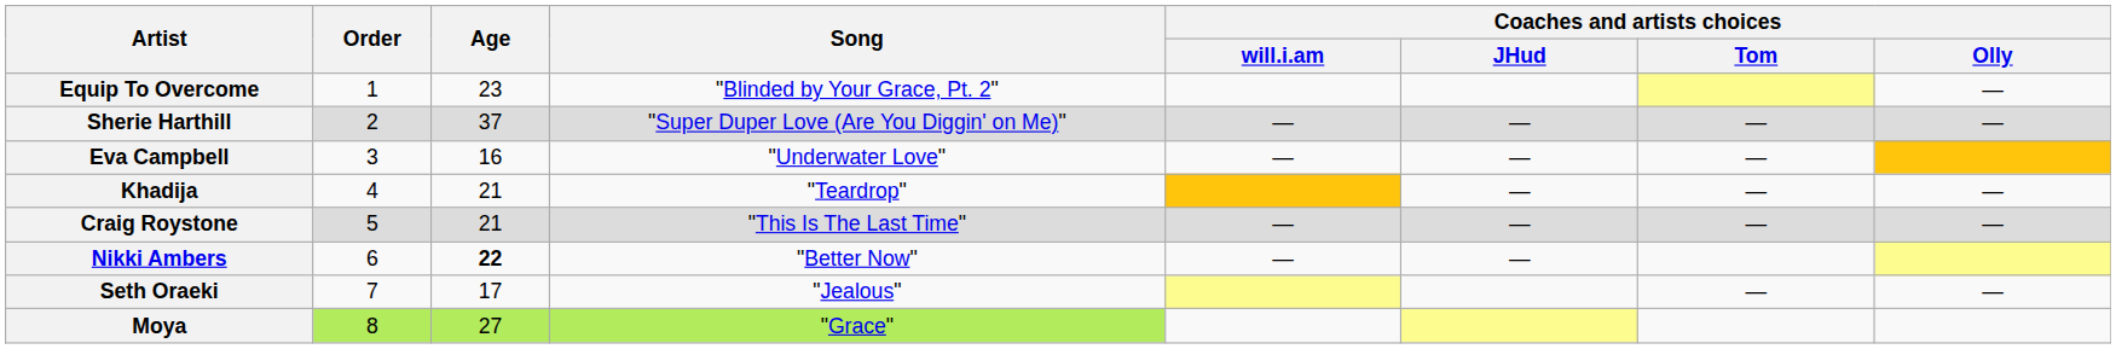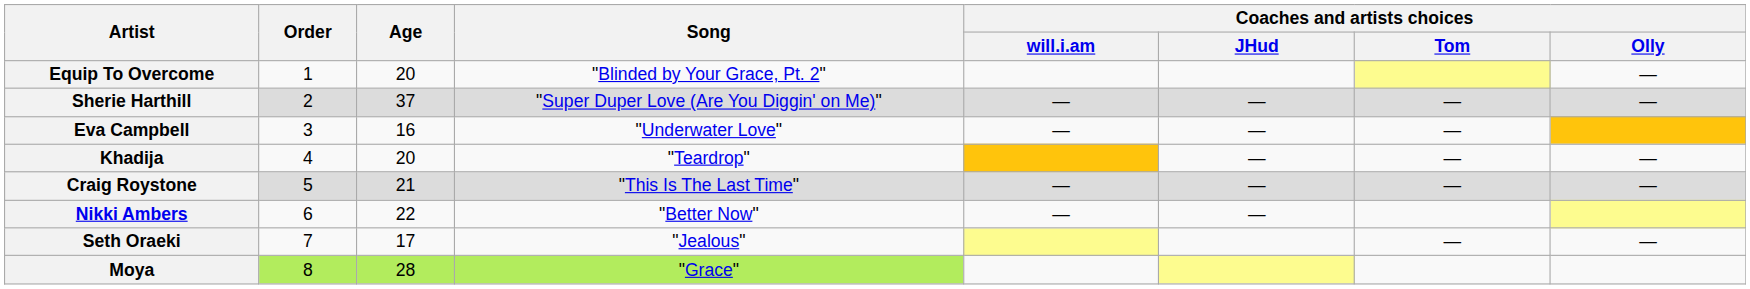 <table class="wikitable" style="text-align:center; width:100%;">
 <tr>
 <th rowspan="2" scope="col" style="width:13%;">Artist</th>
 <th rowspan="2" scope="col" style="width:05%;">Order</th>
 <th rowspan="2" scope="col" style="width:05%;">Age</th>
 <th rowspan="2" scope="col" style="width:26%;">Song</th>
 <th colspan="4" style="width:40%;">Coaches and artists choices</th>
 </tr>
 <tr>
 <th style="width:10%;"><a href='#'>will.i.am</a></th>
 <th style="width:10%;"><a href='#'>JHud</a></th>
 <th style="width:10%;"><a href='#'>Tom</a></th>
 <th style="width:10%;"><a href='#'>Olly</a></th>
 </tr>
 <tr>
 <th scope="row">Equip To Overcome</th>
 <td>1</td>
-<td>23</td>
+<td>20</td>
 <td>"<a href='#'>Blinded by Your Grace, Pt. 2</a>"</td>
 <td><strong></strong></td>
 <td><strong></strong></td>
 <td style="background:#fdfc8f;"><strong></strong></td>
 <td>—</td>
 </tr>
 <tr style="background:#DCDCDC;">
 <th>Sherie Harthill</th>
 <td>2</td>
 <td>37</td>
 <td>"<a href='#'>Super Duper Love (Are You Diggin' on Me)</a>"</td>
 <td>—</td>
 <td>—</td>
 <td>—</td>
 <td>—</td>
 </tr>
 <tr>
 <th>Eva Campbell</th>
 <td>3</td>
 <td>16</td>
 <td>"<a href='#'>Underwater Love</a>"</td>
 <td>—</td>
 <td>—</td>
 <td>—</td>
 <td style="background:#FFC40C;text-align:center;"><strong></strong></td>
 </tr>
 <tr>
 <th>Khadija</th>
 <td>4</td>
-<td>21</td>
+<td>20</td>
 <td>"<a href='#'>Teardrop</a>"</td>
 <td style="background:#FFC40C;text-align:center;"><strong></strong></td>
 <td>—</td>
 <td>—</td>
 <td>—</td>
 </tr>
 <tr style="background:#DCDCDC;">
 <th>Craig Roystone</th>
 <td>5</td>
 <td>21</td>
 <td>"<a href='#'>This Is The Last Time</a>"</td>
 <td>—</td>
 <td>—</td>
 <td>—</td>
 <td>—</td>
 </tr>
 <tr>
 <th><a href='#'>Nikki Ambers</a></th>
 <td>6</td>
-<td><strong>22</strong></td>
+<td>22</td>
 <td>"<a href='#'>Better Now</a>"</td>
 <td>—</td>
 <td>—</td>
 <td><strong></strong></td>
 <td style="background:#fdfc8f;"><strong></strong></td>
 </tr>
 <tr>
 <th>Seth Oraeki</th>
 <td>7</td>
 <td>17</td>
 <td>"<a href='#'>Jealous</a>"</td>
 <td style="background:#fdfc8f;"><strong></strong></td>
 <td><strong></strong></td>
 <td>—</td>
 <td>—</td>
 </tr>
 <tr>
 <th>Moya</th>
 <td style="background-color:#B2EC5D;">8</td>
-<td style="background-color:#B2EC5D;">27</td>
+<td style="background-color:#B2EC5D;">28</td>
 <td style="background-color:#B2EC5D;">"<a href='#'>Grace</a>"</td>
 <td><strong></strong></td>
 <td style="background:#fdfc8f;"><strong></strong></td>
 <td><strong></strong></td>
 <td><strong></strong></td>
 </tr>
 </table>
